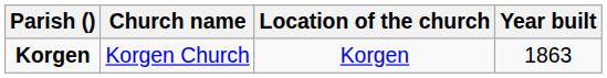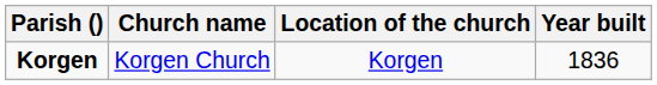 <table class="wikitable" style="text-align:center">
 <tr>
 <th>Parish ()</th>
 <th>Church name</th>
 <th>Location of the church</th>
 <th>Year built</th>
 </tr>
 <tr>
 <td rowspan="1"><strong>Korgen</strong></td>
 <td><a href='#'>Korgen Church</a></td>
 <td><a href='#'>Korgen</a></td>
-<td>1863</td>
+<td>1836</td>
 </tr>
 </table>
